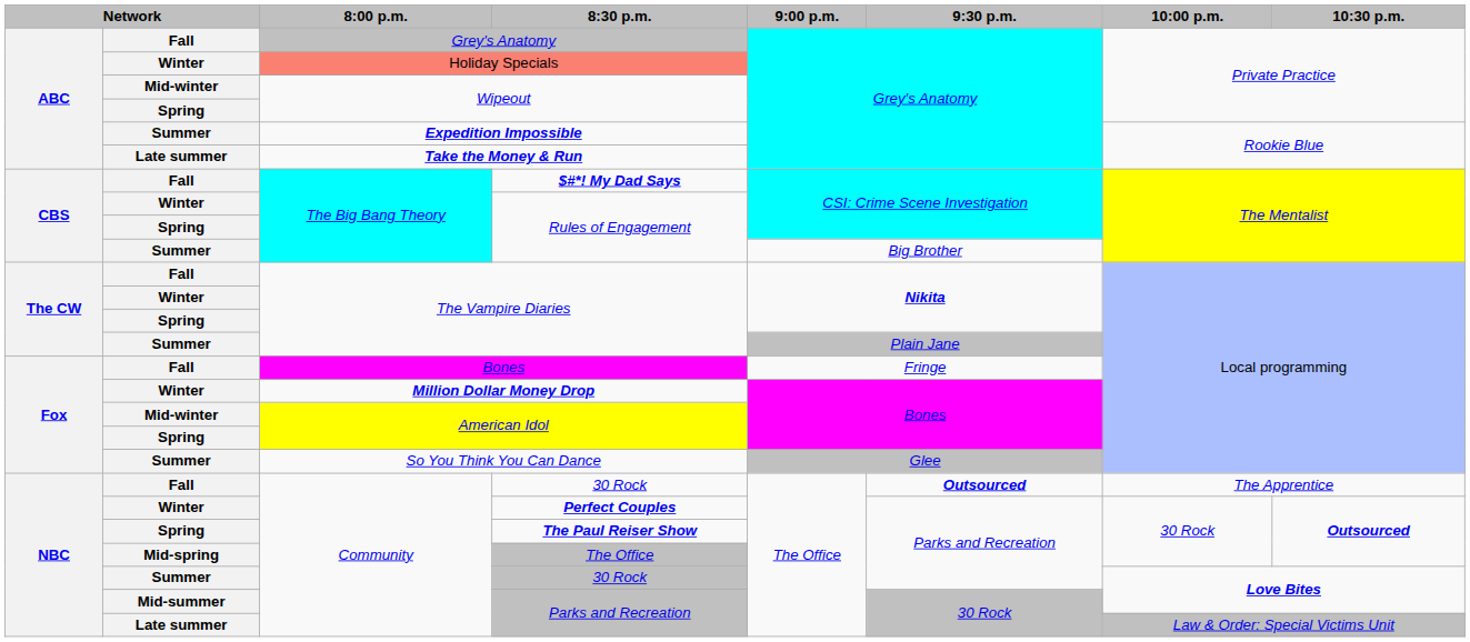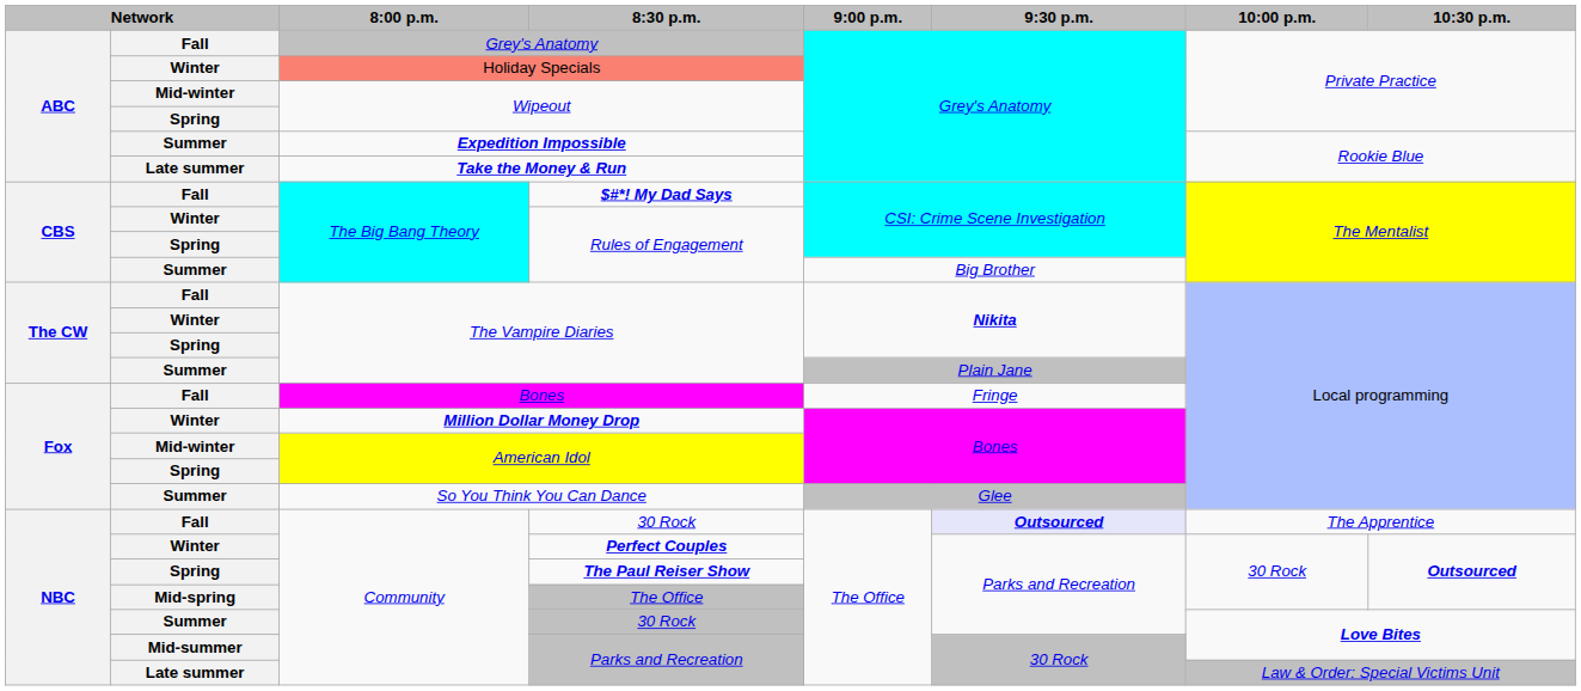 <table class="wikitable" style="width:100%;margin-right:0;text-align:center">
 <tr>
 <th colspan="2" style="background-color:#C0C0C0;text-align:center">Network</th>
 <th style="background-color:#C0C0C0;text-align:center">8:00 p.m.</th>
 <th style="background-color:#C0C0C0;text-align:center">8:30 p.m.</th>
 <th style="background-color:#C0C0C0;text-align:center">9:00 p.m.</th>
 <th style="background-color:#C0C0C0;text-align:center">9:30 p.m.</th>
 <th style="background-color:#C0C0C0;text-align:center">10:00 p.m.</th>
 <th style="background-color:#C0C0C0;text-align:center">10:30 p.m.</th>
 </tr>
 <tr>
 <th rowspan="6"><a href='#'>ABC</a></th>
 <th>Fall</th>
 <td style="background:#C0C0C0;" colspan="2"><em><a href='#'>Grey's Anatomy</a></em> </td>
 <td style="background:cyan;" colspan="2" rowspan="6"><em><a href='#'>Grey's Anatomy</a></em> </td>
 <td colspan="2" rowspan="4"><em><a href='#'>Private Practice</a></em></td>
 </tr>
 <tr>
 <th>Winter</th>
 <td style="background:#FA8072" colspan="2">Holiday Specials</td>
 </tr>
 <tr>
 <th>Mid-winter</th>
 <td colspan="2" rowspan="2"><em><a href='#'>Wipeout</a></em></td>
 </tr>
 <tr>
 <th>Spring</th>
 </tr>
 <tr>
 <th>Summer</th>
 <td colspan="2"><strong><em><a href='#'>Expedition Impossible</a></em></strong></td>
 <td colspan="2" rowspan="2"><em><a href='#'>Rookie Blue</a></em></td>
 </tr>
 <tr>
 <th>Late summer</th>
 <td colspan="2"><strong><em><a href='#'>Take the Money & Run</a></em></strong></td>
 </tr>
 <tr>
 <th rowspan="4"><a href='#'>CBS</a></th>
 <th>Fall</th>
 <td style="background:cyan;" rowspan="4"><em><a href='#'>The Big Bang Theory</a></em> </td>
 <td><strong><em><a href='#'>$#*! My Dad Says</a></em></strong></td>
 <td style="background:cyan;" colspan="2" rowspan="3"><em><a href='#'>CSI: Crime Scene Investigation</a></em> </td>
 <td style="background:yellow;" colspan="2" rowspan="4"><em><a href='#'>The Mentalist</a></em> </td>
 </tr>
 <tr>
 <th>Winter</th>
 <td rowspan="3"><em><a href='#'>Rules of Engagement</a></em></td>
 </tr>
 <tr>
 <th>Spring</th>
 </tr>
 <tr>
 <th>Summer</th>
 <td colspan="2"><em><a href='#'>Big Brother</a></em></td>
 </tr>
 <tr>
 <th rowspan="4"><a href='#'>The CW</a></th>
 <th>Fall</th>
 <td colspan="2" rowspan="4"><em><a href='#'>The Vampire Diaries</a></em></td>
 <td colspan="2" rowspan="3"><strong><em><a href='#'>Nikita</a></em></strong></td>
 <td style="background:#abbfff;" colspan="2" rowspan="9">Local programming</td>
 </tr>
 <tr>
 <th>Winter</th>
 </tr>
 <tr>
 <th>Spring</th>
 </tr>
 <tr>
 <th>Summer</th>
 <td style="background:#C0C0C0;" colspan="2"><em><a href='#'>Plain Jane</a></em> </td>
 </tr>
 <tr>
 <th rowspan="5"><a href='#'>Fox</a></th>
 <th>Fall</th>
 <td style="background:magenta;" colspan="2"><em><a href='#'>Bones</a></em> </td>
 <td colspan="2"><em><a href='#'>Fringe</a></em></td>
 </tr>
 <tr>
 <th>Winter</th>
 <td colspan="2"><strong><em><a href='#'>Million Dollar Money Drop</a></em></strong></td>
 <td style="background:magenta;" rowspan="3" colspan="2"><em><a href='#'>Bones</a></em> </td>
 </tr>
 <tr>
 <th>Mid-winter</th>
 <td style="background:yellow;" rowspan="2" colspan="2"><em><a href='#'>American Idol</a></em> </td>
 </tr>
 <tr>
 <th>Spring</th>
 </tr>
 <tr>
 <th>Summer</th>
 <td colspan="2"><em><a href='#'>So You Think You Can Dance</a></em></td>
 <td colspan="2" style="background:#C0C0C0;"><em><a href='#'>Glee</a></em> </td>
 </tr>
 <tr>
 <th rowspan="7"><a href='#'>NBC</a></th>
 <th>Fall</th>
 <td rowspan="7"><em><a href='#'>Community</a></em></td>
 <td><em><a href='#'>30 Rock</a></em></td>
 <td rowspan="7"><em><a href='#'>The Office</a></em></td>
-<td><strong><em><a href='#'>Outsourced</a></em></strong></td>
+<td style="background: lavender;"><strong><em><a href='#'>Outsourced</a></em></strong></td>
 <td colspan="2"><em><a href='#'>The Apprentice</a></em></td>
 </tr>
 <tr>
 <th>Winter</th>
 <td><strong><em><a href='#'>Perfect Couples</a></em></strong></td>
 <td rowspan="4"><em><a href='#'>Parks and Recreation</a></em></td>
 <td rowspan="3"><em><a href='#'>30 Rock</a></em></td>
 <td rowspan="3"><strong><em><a href='#'>Outsourced</a></em></strong></td>
 </tr>
 <tr>
 <th>Spring</th>
 <td><strong><em><a href='#'>The Paul Reiser Show</a></em></strong></td>
 </tr>
 <tr>
 <th>Mid-spring</th>
 <td style="background:#C0C0C0;"><em><a href='#'>The Office</a></em> </td>
 </tr>
 <tr>
 <th>Summer</th>
 <td style="background:#C0C0C0;"><em><a href='#'>30 Rock</a></em> </td>
 <td rowspan="2" colspan="2"><strong><em><a href='#'>Love Bites</a></em></strong></td>
 </tr>
 <tr>
 <th>Mid-summer</th>
 <td rowspan="2" style="background:#C0C0C0;"><em><a href='#'>Parks and Recreation</a></em> </td>
 <td rowspan="2" style="background:#C0C0C0;"><em><a href='#'>30 Rock</a></em> </td>
 </tr>
 <tr>
 <th>Late summer</th>
 <td colspan="2" style="background:#C0C0C0;"><em><a href='#'>Law & Order: Special Victims Unit</a></em> </td>
 </tr>
 </table>
